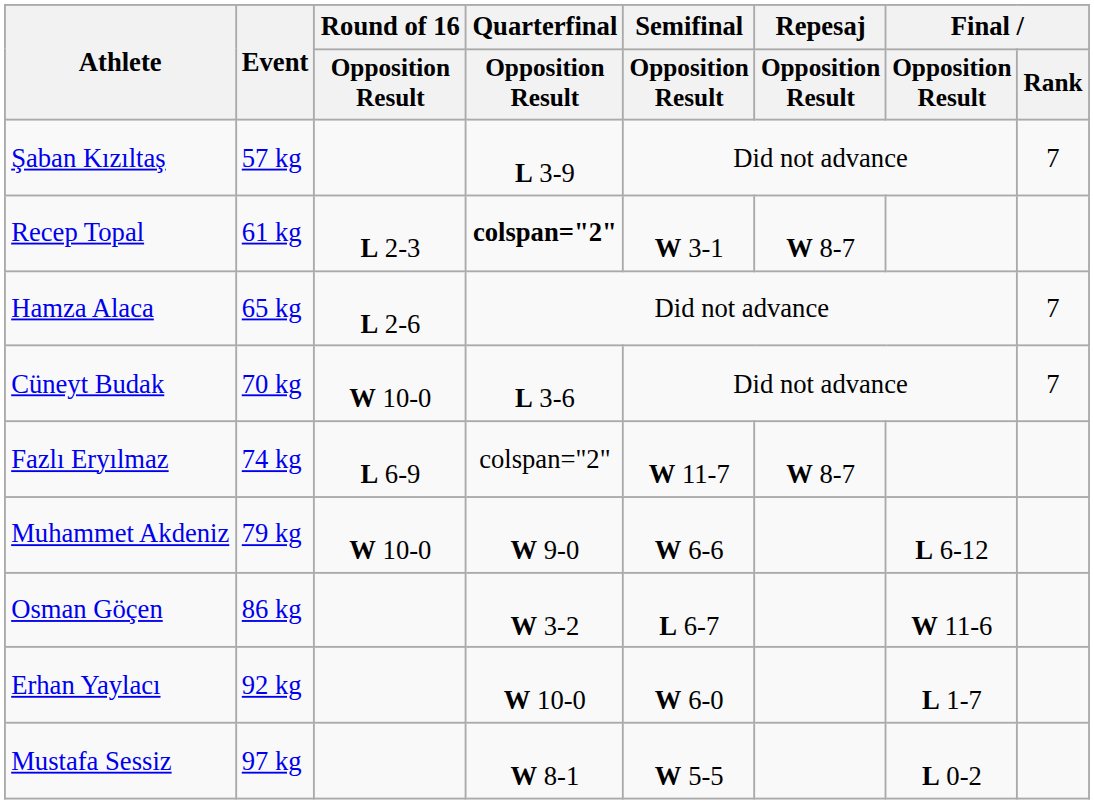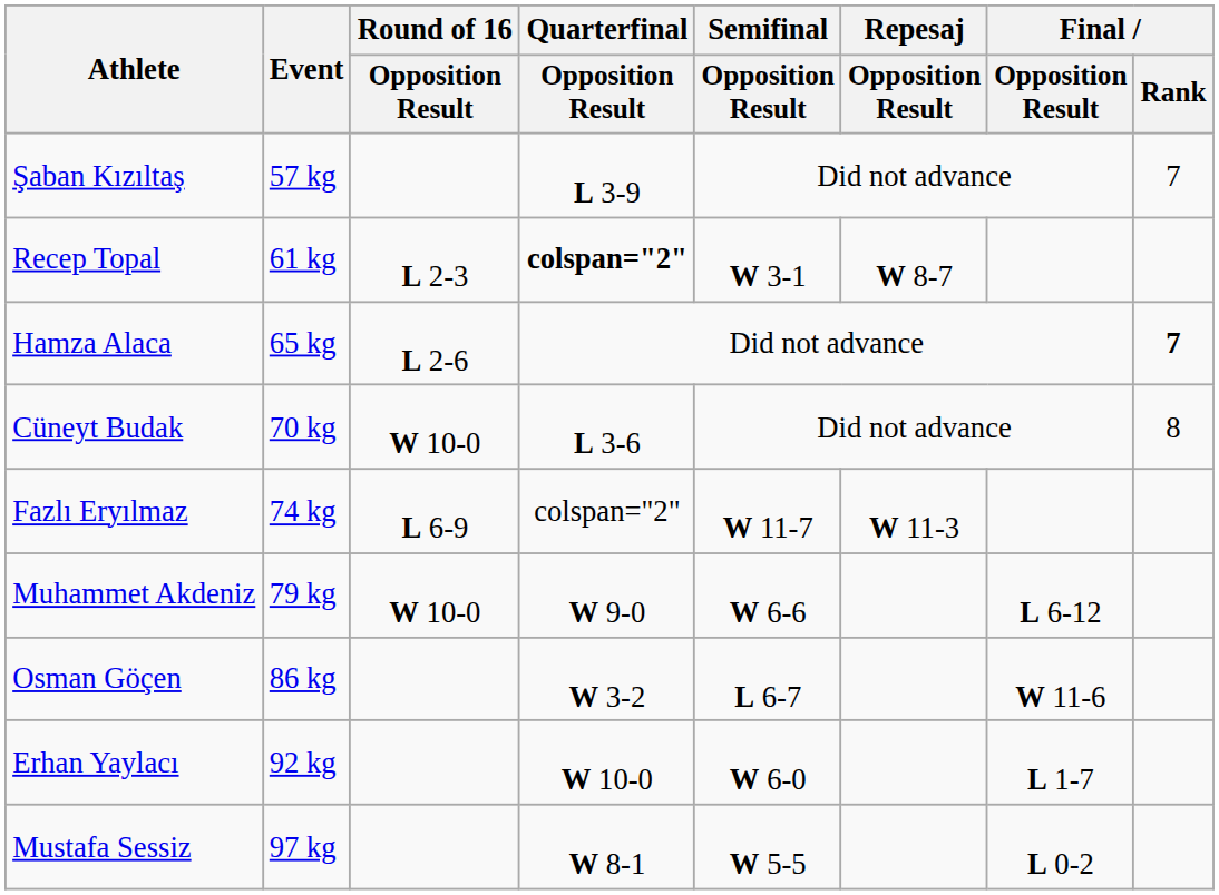 <table class=wikitable style=font-size:90%;text-align:center>
 <tr>
 <th rowspan=2>Athlete</th>
 <th rowspan=2>Event</th>
 <th>Round of 16</th>
 <th>Quarterfinal</th>
 <th>Semifinal</th>
 <th>Repesaj</th>
 <th colspan=2>Final / </th>
 </tr>
 <tr style=font-size:95%>
 <th>Opposition<br>Result</th>
 <th>Opposition<br>Result</th>
 <th>Opposition<br>Result</th>
 <th>Opposition<br>Result</th>
 <th>Opposition<br>Result</th>
 <th>Rank</th>
 </tr>
 <tr>
 <td align=left><a href='#'>Şaban Kızıltaş</a></td>
 <td align=left><a href='#'>57 kg</a></td>
 <td></td>
 <td><br><strong>L</strong> 3-9</td>
 <td colspan="3">Did not advance</td>
 <td>7</td>
 </tr>
 <tr>
 <td align=left><a href='#'>Recep Topal</a></td>
 <td align=left><a href='#'>61 kg</a></td>
 <td><br><strong>L</strong> 2-3</td>
 <td><strong>colspan="2" </strong></td>
 <td><br><strong>W</strong> 3-1</td>
 <td><br><strong>W</strong> 8-7</td>
 <td></td>
 </tr>
 <tr>
 <td align=left><a href='#'>Hamza Alaca</a></td>
 <td align=left><a href='#'>65 kg</a></td>
 <td><br><strong>L</strong> 2-6</td>
 <td colspan="4">Did not advance</td>
-<td>7</td>
+<td><strong>7</strong></td>
 </tr>
 <tr>
 <td align=left><a href='#'>Cüneyt Budak</a></td>
 <td align=left><a href='#'>70 kg</a></td>
 <td><br><strong>W</strong> 10-0</td>
 <td><br><strong>L</strong> 3-6</td>
 <td colspan="3">Did not advance</td>
-<td>7</td>
+<td>8</td>
 </tr>
 <tr>
 <td align=left><a href='#'>Fazlı Eryılmaz</a></td>
 <td align=left><a href='#'>74 kg</a></td>
 <td><br><strong>L</strong> 6-9</td>
 <td>colspan="2" </td>
 <td><br><strong>W</strong> 11-7</td>
-<td><br><strong>W</strong> 8-7</td>
+<td><br><strong>W</strong> 11-3</td>
 <td></td>
 </tr>
 <tr>
 <td align=left><a href='#'>Muhammet Akdeniz</a></td>
 <td align=left><a href='#'>79 kg</a></td>
 <td><br><strong>W</strong> 10-0</td>
 <td><br><strong>W</strong> 9-0</td>
 <td><br><strong>W</strong> 6-6</td>
 <td></td>
 <td><br><strong>L</strong> 6-12</td>
 <td></td>
 </tr>
 <tr>
 <td align=left><a href='#'>Osman Göçen</a></td>
 <td align=left><a href='#'>86 kg</a></td>
 <td></td>
 <td><br><strong>W</strong> 3-2</td>
 <td><br><strong>L</strong> 6-7</td>
 <td></td>
 <td><br><strong>W</strong> 11-6</td>
 <td></td>
 </tr>
 <tr>
 <td align=left><a href='#'>Erhan Yaylacı</a></td>
 <td align=left><a href='#'>92 kg</a></td>
 <td></td>
 <td><br><strong>W</strong> 10-0</td>
 <td><br><strong>W</strong> 6-0</td>
 <td></td>
 <td><br><strong>L</strong> 1-7</td>
 <td></td>
 </tr>
 <tr>
 <td align=left><a href='#'>Mustafa Sessiz</a></td>
 <td align=left><a href='#'>97 kg</a></td>
 <td></td>
 <td><br><strong>W</strong> 8-1</td>
 <td><br><strong>W</strong> 5-5</td>
 <td></td>
 <td><br><strong>L</strong> 0-2</td>
 <td></td>
 </tr>
 </table>
